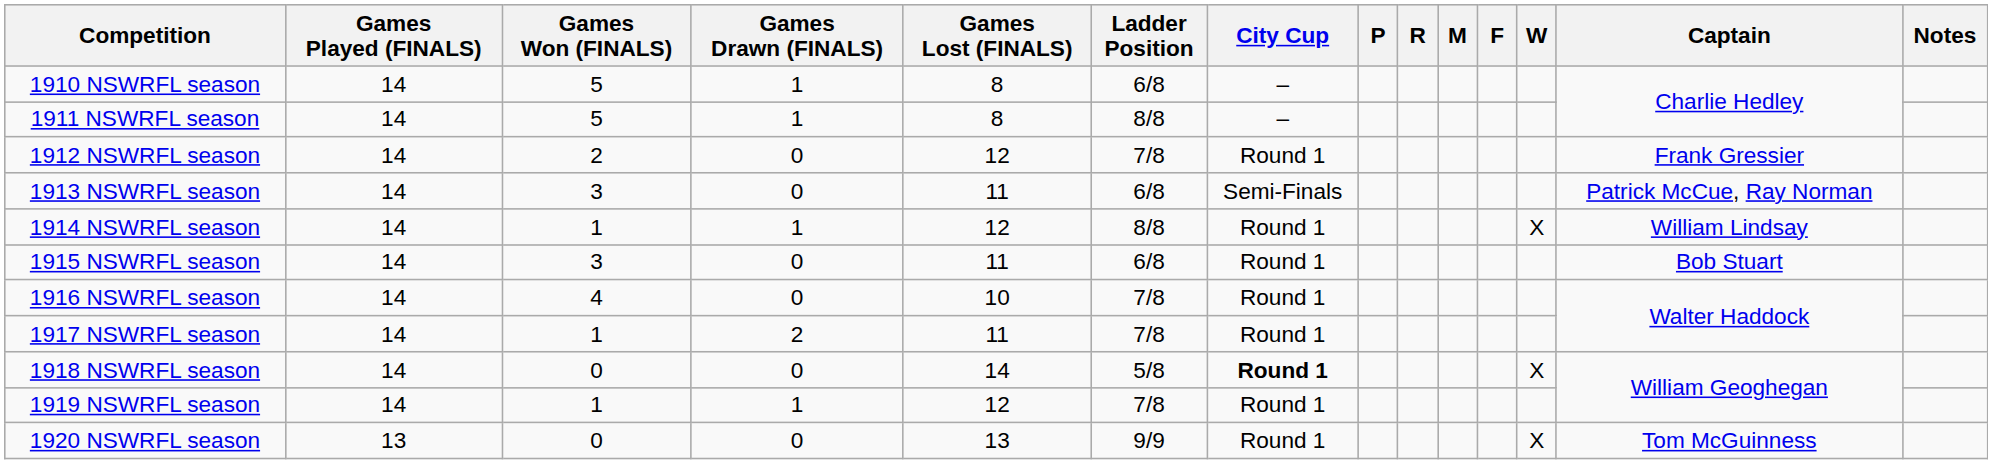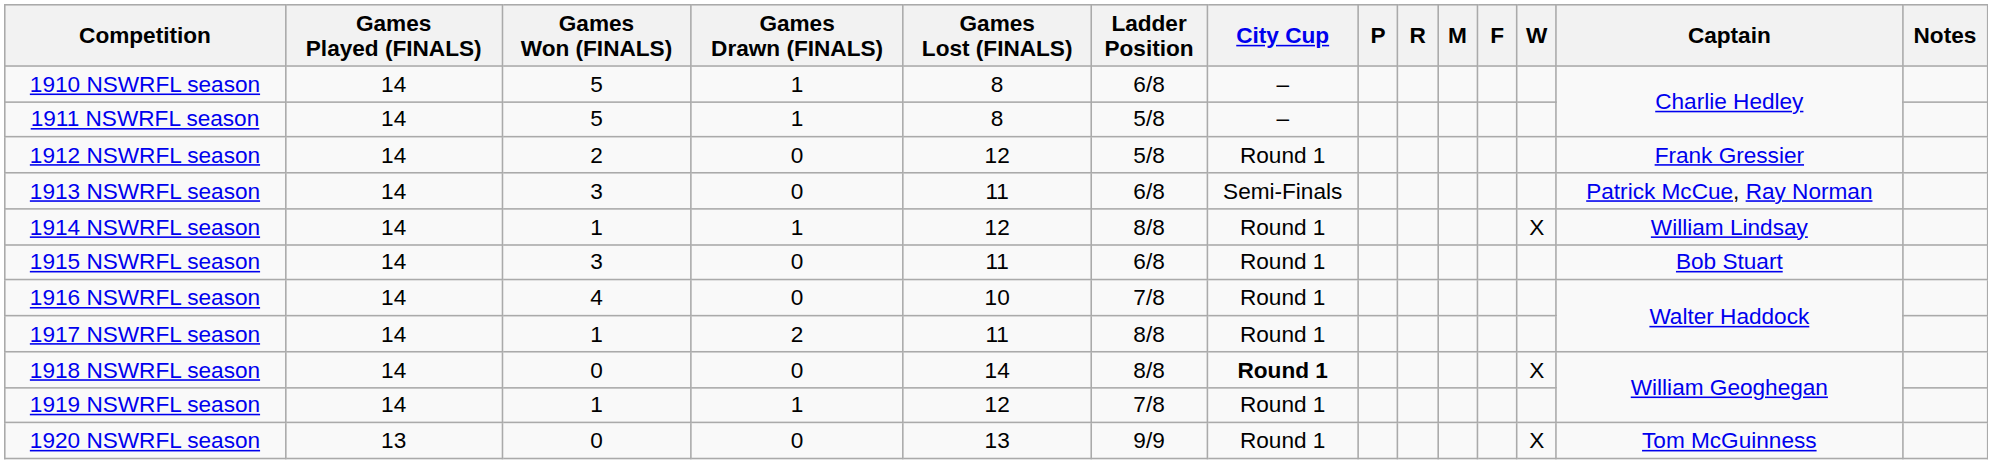 <table class="wikitable" style="width:100%; font-size:90%; text-align:center;">
 <tr>
 <th>Competition</th>
 <th>Games<br>Played (FINALS)</th>
 <th>Games<br>Won (FINALS)</th>
 <th>Games<br>Drawn (FINALS)</th>
 <th>Games<br>Lost (FINALS)</th>
 <th>Ladder<br>Position</th>
 <th><a href='#'>City Cup</a></th>
 <th style="width:2%;">P</th>
 <th style="width:2%;">R</th>
 <th style="width:2%;">M</th>
 <th style="width:2%;">F</th>
 <th style="width:2%;">W</th>
 <th>Captain</th>
 <th>Notes</th>
 </tr>
 <tr>
 <td><a href='#'>1910 NSWRFL season</a></td>
 <td>14</td>
 <td>5</td>
 <td>1</td>
 <td>8</td>
 <td>6/8</td>
 <td>–</td>
 <td></td>
 <td></td>
 <td></td>
 <td></td>
 <td></td>
 <td rowspan="2"><a href='#'>Charlie Hedley</a></td>
 <td></td>
 </tr>
 <tr>
 <td><a href='#'>1911 NSWRFL season</a></td>
 <td>14</td>
 <td>5</td>
 <td>1</td>
 <td>8</td>
-<td>8/8</td>
+<td>5/8</td>
 <td>–</td>
 <td></td>
 <td></td>
 <td></td>
 <td></td>
 <td></td>
 <td></td>
 </tr>
 <tr>
 <td><a href='#'>1912 NSWRFL season</a></td>
 <td>14</td>
 <td>2</td>
 <td>0</td>
 <td>12</td>
-<td>7/8</td>
+<td>5/8</td>
 <td>Round 1</td>
 <td></td>
 <td></td>
 <td></td>
 <td></td>
 <td></td>
 <td><a href='#'>Frank Gressier</a></td>
 <td></td>
 </tr>
 <tr>
 <td><a href='#'>1913 NSWRFL season</a></td>
 <td>14</td>
 <td>3</td>
 <td>0</td>
 <td>11</td>
 <td>6/8</td>
 <td>Semi-Finals</td>
 <td></td>
 <td></td>
 <td></td>
 <td></td>
 <td></td>
 <td><a href='#'>Patrick McCue</a>, <a href='#'>Ray Norman</a></td>
 <td></td>
 </tr>
 <tr>
 <td><a href='#'>1914 NSWRFL season</a></td>
 <td>14</td>
 <td>1</td>
 <td>1</td>
 <td>12</td>
 <td>8/8</td>
 <td>Round 1</td>
 <td></td>
 <td></td>
 <td></td>
 <td></td>
 <td>X</td>
 <td><a href='#'>William Lindsay</a></td>
 <td></td>
 </tr>
 <tr>
 <td><a href='#'>1915 NSWRFL season</a></td>
 <td>14</td>
 <td>3</td>
 <td>0</td>
 <td>11</td>
 <td>6/8</td>
 <td>Round 1</td>
 <td></td>
 <td></td>
 <td></td>
 <td></td>
 <td></td>
 <td><a href='#'>Bob Stuart</a></td>
 <td></td>
 </tr>
 <tr>
 <td><a href='#'>1916 NSWRFL season</a></td>
 <td>14</td>
 <td>4</td>
 <td>0</td>
 <td>10</td>
 <td>7/8</td>
 <td>Round 1</td>
 <td></td>
 <td></td>
 <td></td>
 <td></td>
 <td></td>
 <td rowspan="2"><a href='#'>Walter Haddock</a></td>
 <td></td>
 </tr>
 <tr>
 <td><a href='#'>1917 NSWRFL season</a></td>
 <td>14</td>
 <td>1</td>
 <td>2</td>
 <td>11</td>
-<td>7/8</td>
+<td>8/8</td>
 <td>Round 1</td>
 <td></td>
 <td></td>
 <td></td>
 <td></td>
 <td></td>
 <td></td>
 </tr>
 <tr>
 <td><a href='#'>1918 NSWRFL season</a></td>
 <td>14</td>
 <td>0</td>
 <td>0</td>
 <td>14</td>
-<td>5/8</td>
+<td>8/8</td>
 <td><strong>Round 1</strong></td>
 <td></td>
 <td></td>
 <td></td>
 <td></td>
 <td>X</td>
 <td rowspan="2"><a href='#'>William Geoghegan</a></td>
 <td></td>
 </tr>
 <tr>
 <td><a href='#'>1919 NSWRFL season</a></td>
 <td>14</td>
 <td>1</td>
 <td>1</td>
 <td>12</td>
 <td>7/8</td>
 <td>Round 1</td>
 <td></td>
 <td></td>
 <td></td>
 <td></td>
 <td></td>
 <td></td>
 </tr>
 <tr>
 <td><a href='#'>1920 NSWRFL season</a></td>
 <td>13</td>
 <td>0</td>
 <td>0</td>
 <td>13</td>
 <td>9/9</td>
 <td>Round 1</td>
 <td></td>
 <td></td>
 <td></td>
 <td></td>
 <td>X</td>
 <td><a href='#'>Tom McGuinness</a></td>
 <td></td>
 </tr>
 </table>
